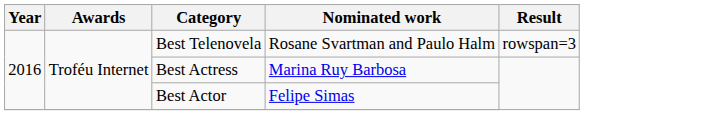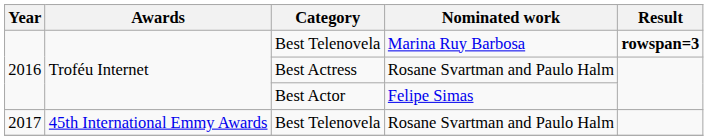 <table class="wikitable sortable">
 <tr>
 <th>Year</th>
 <th>Awards</th>
 <th>Category</th>
 <th>Nominated work</th>
 <th>Result</th>
 </tr>
 <tr>
 <td rowspan=3>2016</td>
 <td rowspan=3>Troféu Internet</td>
 <td>Best Telenovela</td>
-<td>Rosane Svartman and Paulo Halm</td>
-<td>rowspan=3 </td>
+<td><a href='#'>Marina Ruy Barbosa</a></td>
+<td><strong>rowspan=3 </strong></td>
 </tr>
 <tr>
 <td>Best Actress</td>
-<td><a href='#'>Marina Ruy Barbosa</a></td>
+<td>Rosane Svartman and Paulo Halm</td>
 </tr>
 <tr>
 <td>Best Actor</td>
 <td><a href='#'>Felipe Simas</a></td>
 </tr>
 <tr>
+<td>2017</td>
+<td><a href='#'>45th International Emmy Awards</a></td>
+<td>Best Telenovela</td>
+<td>Rosane Svartman and Paulo Halm</td>
+<td></td>
+</tr>
+<tr>
 </tr>
 </table>
